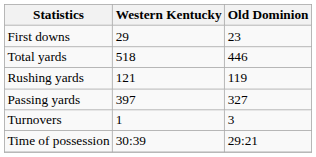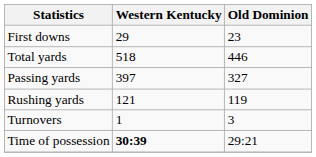 <table class="wikitable">
 <tr>
 <th>Statistics</th>
 <th>Western Kentucky</th>
 <th>Old Dominion</th>
 </tr>
 <tr>
 <td>First downs</td>
 <td>29</td>
 <td>23</td>
 </tr>
 <tr>
 <td>Total yards</td>
 <td>518</td>
 <td>446</td>
 </tr>
 <tr>
+<td>Passing yards</td>
+<td>397</td>
+<td>327</td>
+</tr>
+<tr>
 <td>Rushing yards</td>
 <td>121</td>
 <td>119</td>
-</tr>
-<tr>
-<td>Passing yards</td>
-<td>397</td>
-<td>327</td>
 </tr>
 <tr>
 <td>Turnovers</td>
 <td>1</td>
 <td>3</td>
 </tr>
 <tr>
 <td>Time of possession</td>
-<td>30:39</td>
+<td><strong>30:39</strong></td>
 <td>29:21</td>
 </tr>
 <tr>
 </tr>
 </table>
